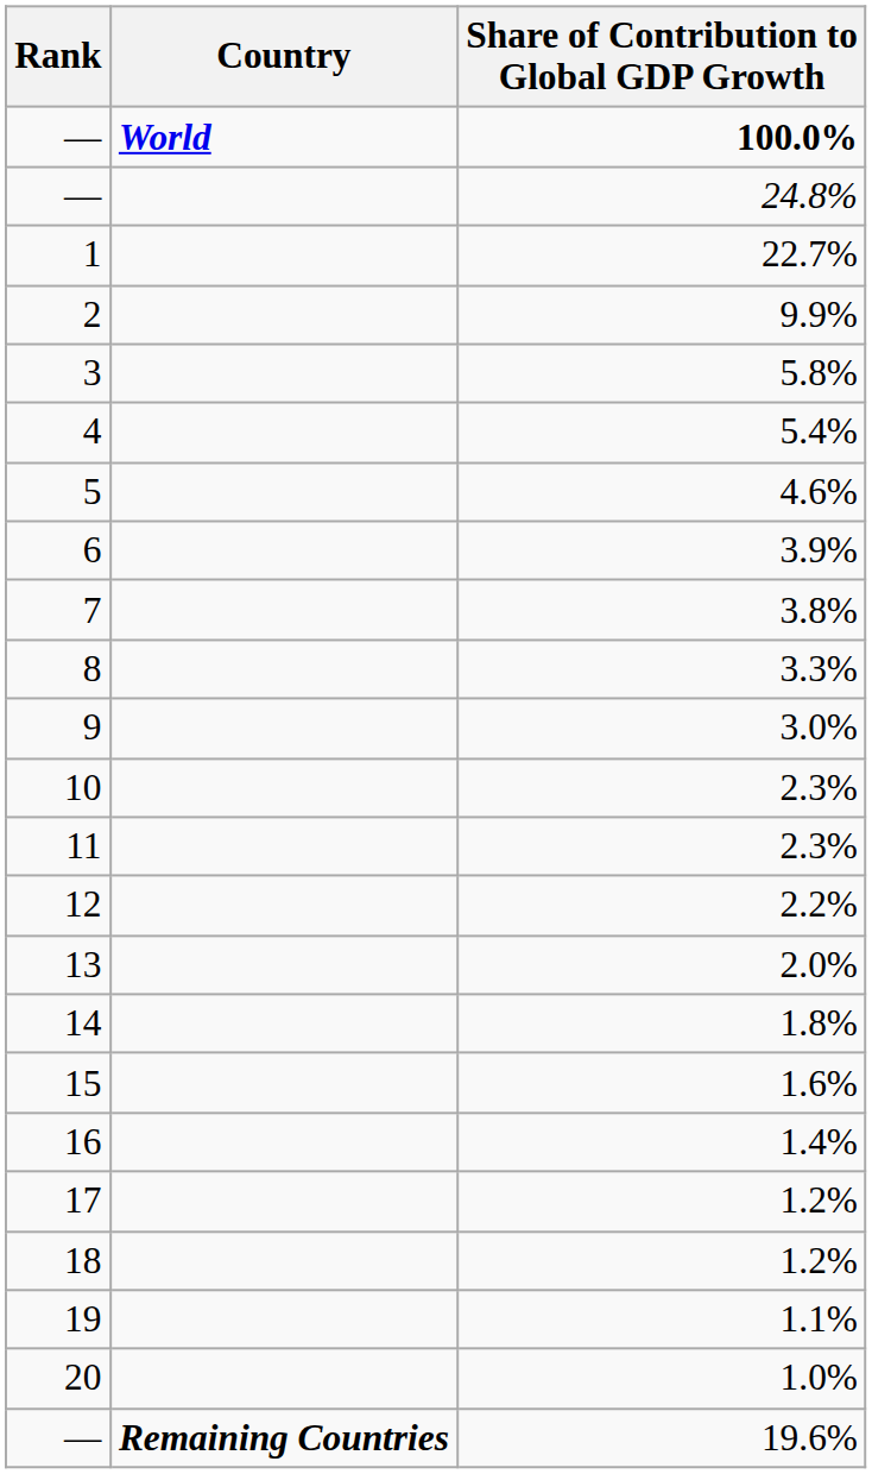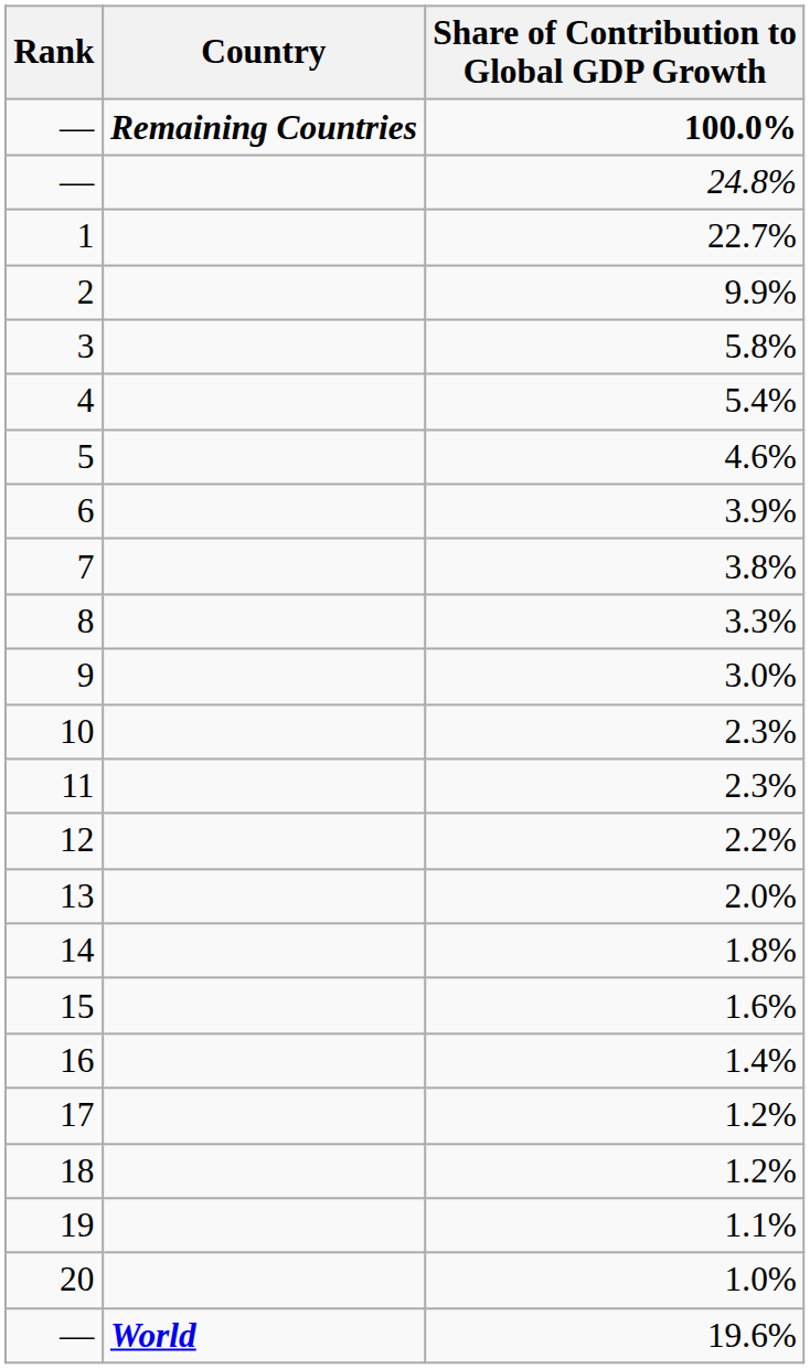 <table class="wikitable" style="text-align: right; display:inline-table;">
 <tr>
 <th style="width:2em;">Rank</th>
 <th>Country</th>
 <th>Share of Contribution to<br>Global GDP Growth</th>
 </tr>
 <tr>
 <td>—</td>
-<td align=left> <strong><em><a href='#'>World</a></em></strong></td>
+<td align=left><strong><em>Remaining Countries</em></strong></td>
 <td><strong>100.0%</strong></td>
 </tr>
 <tr>
 <td>—</td>
 <td align=left><strong><em></em></strong></td>
 <td><em>24.8%</em></td>
 </tr>
 <tr>
 <td>1</td>
 <td align=left><strong></strong></td>
 <td>22.7%</td>
 </tr>
 <tr>
 <td>2</td>
 <td align=left><strong></strong></td>
 <td>9.9%</td>
 </tr>
 <tr>
 <td>3</td>
 <td align=left><strong></strong></td>
 <td>5.8%</td>
 </tr>
 <tr>
 <td>4</td>
 <td align=left><strong></strong></td>
 <td>5.4%</td>
 </tr>
 <tr>
 <td>5</td>
 <td align=left><strong></strong></td>
 <td>4.6%</td>
 </tr>
 <tr>
 <td>6</td>
 <td align=left><strong></strong></td>
 <td>3.9%</td>
 </tr>
 <tr>
 <td>7</td>
 <td align=left><strong></strong></td>
 <td>3.8%</td>
 </tr>
 <tr>
 <td>8</td>
 <td align=left><strong></strong></td>
 <td>3.3%</td>
 </tr>
 <tr>
 <td>9</td>
 <td align=left><strong></strong></td>
 <td>3.0%</td>
 </tr>
 <tr>
 <td>10</td>
 <td align=left><strong></strong></td>
 <td>2.3%</td>
 </tr>
 <tr>
 <td>11</td>
 <td align=left><strong></strong></td>
 <td>2.3%</td>
 </tr>
 <tr>
 <td>12</td>
 <td align=left><strong></strong></td>
 <td>2.2%</td>
 </tr>
 <tr>
 <td>13</td>
 <td align=left><strong></strong></td>
 <td>2.0%</td>
 </tr>
 <tr>
 <td>14</td>
 <td align=left><strong></strong></td>
 <td>1.8%</td>
 </tr>
 <tr>
 <td>15</td>
 <td align=left><strong></strong></td>
 <td>1.6%</td>
 </tr>
 <tr>
 <td>16</td>
 <td align=left><strong></strong></td>
 <td>1.4%</td>
 </tr>
 <tr>
 <td>17</td>
 <td align=left><strong></strong></td>
 <td>1.2%</td>
 </tr>
 <tr>
 <td>18</td>
 <td align=left><strong></strong></td>
 <td>1.2%</td>
 </tr>
 <tr>
 <td>19</td>
 <td align=left><strong></strong></td>
 <td>1.1%</td>
 </tr>
 <tr>
 <td>20</td>
 <td align=left><strong></strong></td>
 <td>1.0%</td>
 </tr>
 <tr>
 <td>—</td>
-<td align=left><strong><em>Remaining Countries</em></strong></td>
+<td align=left> <strong><em><a href='#'>World</a></em></strong></td>
 <td>19.6%</td>
 </tr>
 </table>
